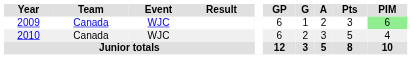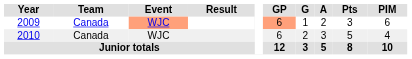 <table border="0" cellpadding="1" cellspacing="0" style="text-align:center; width:40em">
 <tr ALIGN="center" bgcolor="#e0e0e0">
 <th>Year</th>
 <th>Team</th>
 <th>Event</th>
 <th>Result</th>
 <th rowspan="99" bgcolor="#ffffff"> </th>
 <th>GP</th>
 <th>G</th>
 <th>A</th>
 <th>Pts</th>
 <th>PIM</th>
 </tr>
 <tr>
 <td><a href='#'>2009</a></td>
 <td><a href='#'>Canada</a></td>
-<td><a href='#'>WJC</a></td>
+<td style="background: lightsalmon;"><a href='#'>WJC</a></td>
 <td></td>
-<td>6</td>
+<td style="background: lightsalmon;">6</td>
 <td>1</td>
 <td>2</td>
 <td>3</td>
-<td style="background: lightgreen;">6</td>
+<td>6</td>
 </tr>
 <tr bgcolor="#f0f0f0">
 <td><a href='#'>2010</a></td>
 <td>Canada</td>
 <td>WJC</td>
 <td></td>
 <td>6</td>
 <td>2</td>
 <td>3</td>
 <td>5</td>
 <td>4</td>
 </tr>
 <tr ALIGN="center" bgcolor="#e0e0e0">
 <th colspan="4">Junior totals</th>
 <th>12</th>
 <th>3</th>
 <th>5</th>
 <th>8</th>
 <th>10</th>
 </tr>
 </table>
